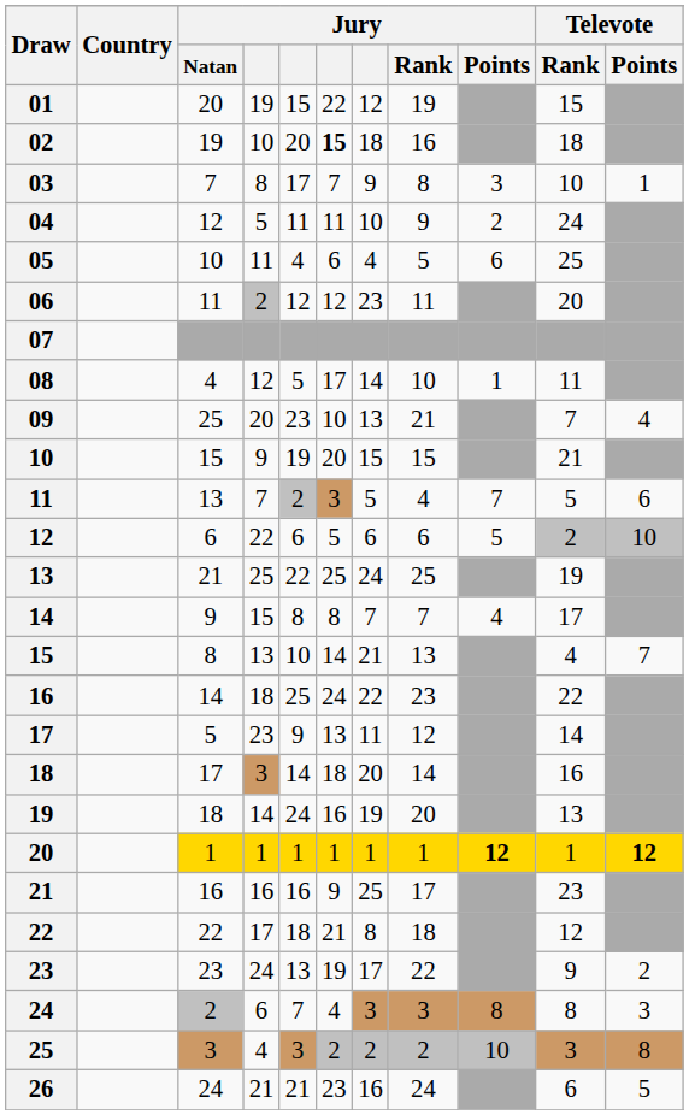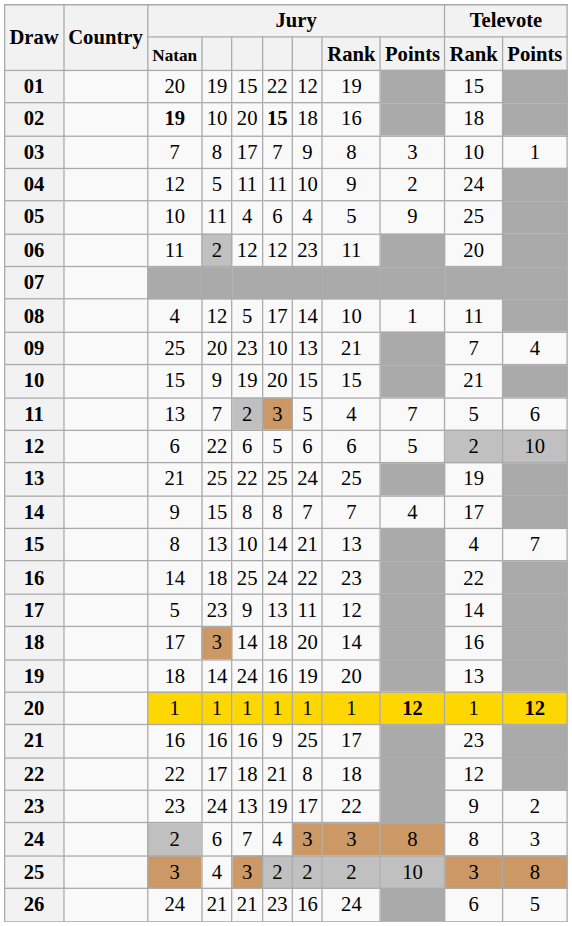 <table class="sortable wikitable collapsible plainrowheaders" style="text-align:center;">
 <tr>
 </tr>
 <tr>
 <th scope="col" rowspan="2">Draw</th>
 <th scope="col" rowspan="2">Country</th>
 <th scope="col" colspan="7">Jury</th>
 <th scope="col" colspan="2">Televote</th>
 </tr>
 <tr>
 <th scope="col"><small>Natan</small></th>
 <th scope="col"><small></small></th>
 <th scope="col"><small></small></th>
 <th scope="col"><small></small></th>
 <th scope="col"><small></small></th>
 <th scope="col">Rank</th>
 <th scope="col">Points</th>
 <th scope="col">Rank</th>
 <th scope="col">Points</th>
 </tr>
 <tr>
 <th scope="row" style="text-align:center;">01</th>
 <td style="text-align:left;"></td>
 <td>20</td>
 <td>19</td>
 <td>15</td>
 <td>22</td>
 <td>12</td>
 <td>19</td>
 <td style="background:#AAAAAA;"></td>
 <td>15</td>
 <td style="background:#AAAAAA;"></td>
 </tr>
 <tr>
 <th scope="row" style="text-align:center;">02</th>
 <td style="text-align:left;"></td>
-<td>19</td>
+<td><strong>19</strong></td>
 <td>10</td>
 <td>20</td>
 <td><strong>15</strong></td>
 <td>18</td>
 <td>16</td>
 <td style="background:#AAAAAA;"></td>
 <td>18</td>
 <td style="background:#AAAAAA;"></td>
 </tr>
 <tr>
 <th scope="row" style="text-align:center;">03</th>
 <td style="text-align:left;"></td>
 <td>7</td>
 <td>8</td>
 <td>17</td>
 <td>7</td>
 <td>9</td>
 <td>8</td>
 <td>3</td>
 <td>10</td>
 <td>1</td>
 </tr>
 <tr>
 <th scope="row" style="text-align:center;">04</th>
 <td style="text-align:left;"></td>
 <td>12</td>
 <td>5</td>
 <td>11</td>
 <td>11</td>
 <td>10</td>
 <td>9</td>
 <td>2</td>
 <td>24</td>
 <td style="background:#AAAAAA;"></td>
 </tr>
 <tr>
 <th scope="row" style="text-align:center;">05</th>
 <td style="text-align:left;"></td>
 <td>10</td>
 <td>11</td>
 <td>4</td>
 <td>6</td>
 <td>4</td>
 <td>5</td>
-<td>6</td>
+<td>9</td>
 <td>25</td>
 <td style="background:#AAAAAA;"></td>
 </tr>
 <tr>
 <th scope="row" style="text-align:center;">06</th>
 <td style="text-align:left;"></td>
 <td>11</td>
 <td style="background:silver;">2</td>
 <td>12</td>
 <td>12</td>
 <td>23</td>
 <td>11</td>
 <td style="background:#AAAAAA;"></td>
 <td>20</td>
 <td style="background:#AAAAAA;"></td>
 </tr>
 <tr class="sortbottom">
 <th scope="row" style="text-align:center;">07</th>
 <td style="text-align:left;"></td>
 <td style="background:#AAAAAA;"></td>
 <td style="background:#AAAAAA;"></td>
 <td style="background:#AAAAAA;"></td>
 <td style="background:#AAAAAA;"></td>
 <td style="background:#AAAAAA;"></td>
 <td style="background:#AAAAAA;"></td>
 <td style="background:#AAAAAA;"></td>
 <td style="background:#AAAAAA;"></td>
 <td style="background:#AAAAAA;"></td>
 </tr>
 <tr>
 <th scope="row" style="text-align:center;">08</th>
 <td style="text-align:left;"></td>
 <td>4</td>
 <td>12</td>
 <td>5</td>
 <td>17</td>
 <td>14</td>
 <td>10</td>
 <td>1</td>
 <td>11</td>
 <td style="background:#AAAAAA;"></td>
 </tr>
 <tr>
 <th scope="row" style="text-align:center;">09</th>
 <td style="text-align:left;"></td>
 <td>25</td>
 <td>20</td>
 <td>23</td>
 <td>10</td>
 <td>13</td>
 <td>21</td>
 <td style="background:#AAAAAA;"></td>
 <td>7</td>
 <td>4</td>
 </tr>
 <tr>
 <th scope="row" style="text-align:center;">10</th>
 <td style="text-align:left;"></td>
 <td>15</td>
 <td>9</td>
 <td>19</td>
 <td>20</td>
 <td>15</td>
 <td>15</td>
 <td style="background:#AAAAAA;"></td>
 <td>21</td>
 <td style="background:#AAAAAA;"></td>
 </tr>
 <tr>
 <th scope="row" style="text-align:center;">11</th>
 <td style="text-align:left;"></td>
 <td>13</td>
 <td>7</td>
 <td style="background:silver;">2</td>
 <td style="background:#CC9966;">3</td>
 <td>5</td>
 <td>4</td>
 <td>7</td>
 <td>5</td>
 <td>6</td>
 </tr>
 <tr>
 <th scope="row" style="text-align:center;">12</th>
 <td style="text-align:left;"></td>
 <td>6</td>
 <td>22</td>
 <td>6</td>
 <td>5</td>
 <td>6</td>
 <td>6</td>
 <td>5</td>
 <td style="background:silver;">2</td>
 <td style="background:silver;">10</td>
 </tr>
 <tr>
 <th scope="row" style="text-align:center;">13</th>
 <td style="text-align:left;"></td>
 <td>21</td>
 <td>25</td>
 <td>22</td>
 <td>25</td>
 <td>24</td>
 <td>25</td>
 <td style="background:#AAAAAA;"></td>
 <td>19</td>
 <td style="background:#AAAAAA;"></td>
 </tr>
 <tr>
 <th scope="row" style="text-align:center;">14</th>
 <td style="text-align:left;"></td>
 <td>9</td>
 <td>15</td>
 <td>8</td>
 <td>8</td>
 <td>7</td>
 <td>7</td>
 <td>4</td>
 <td>17</td>
 <td style="background:#AAAAAA;"></td>
 </tr>
 <tr>
 <th scope="row" style="text-align:center;">15</th>
 <td style="text-align:left;"></td>
 <td>8</td>
 <td>13</td>
 <td>10</td>
 <td>14</td>
 <td>21</td>
 <td>13</td>
 <td style="background:#AAAAAA;"></td>
 <td>4</td>
 <td>7</td>
 </tr>
 <tr>
 <th scope="row" style="text-align:center;">16</th>
 <td style="text-align:left;"></td>
 <td>14</td>
 <td>18</td>
 <td>25</td>
 <td>24</td>
 <td>22</td>
 <td>23</td>
 <td style="background:#AAAAAA;"></td>
 <td>22</td>
 <td style="background:#AAAAAA;"></td>
 </tr>
 <tr>
 <th scope="row" style="text-align:center;">17</th>
 <td style="text-align:left;"></td>
 <td>5</td>
 <td>23</td>
 <td>9</td>
 <td>13</td>
 <td>11</td>
 <td>12</td>
 <td style="background:#AAAAAA;"></td>
 <td>14</td>
 <td style="background:#AAAAAA;"></td>
 </tr>
 <tr>
 <th scope="row" style="text-align:center;">18</th>
 <td style="text-align:left;"></td>
 <td>17</td>
 <td style="background:#CC9966;">3</td>
 <td>14</td>
 <td>18</td>
 <td>20</td>
 <td>14</td>
 <td style="background:#AAAAAA;"></td>
 <td>16</td>
 <td style="background:#AAAAAA;"></td>
 </tr>
 <tr>
 <th scope="row" style="text-align:center;">19</th>
 <td style="text-align:left;"></td>
 <td>18</td>
 <td>14</td>
 <td>24</td>
 <td>16</td>
 <td>19</td>
 <td>20</td>
 <td style="background:#AAAAAA;"></td>
 <td>13</td>
 <td style="background:#AAAAAA;"></td>
 </tr>
 <tr>
 <th scope="row" style="text-align:center;">20</th>
 <td style="text-align:left;"></td>
 <td style="background:gold;">1</td>
 <td style="background:gold;">1</td>
 <td style="background:gold;">1</td>
 <td style="background:gold;">1</td>
 <td style="background:gold;">1</td>
 <td style="background:gold;">1</td>
 <td style="background:gold;"><strong>12</strong></td>
 <td style="background:gold;">1</td>
 <td style="background:gold;"><strong>12</strong></td>
 </tr>
 <tr>
 <th scope="row" style="text-align:center;">21</th>
 <td style="text-align:left;"></td>
 <td>16</td>
 <td>16</td>
 <td>16</td>
 <td>9</td>
 <td>25</td>
 <td>17</td>
 <td style="background:#AAAAAA;"></td>
 <td>23</td>
 <td style="background:#AAAAAA;"></td>
 </tr>
 <tr>
 <th scope="row" style="text-align:center;">22</th>
 <td style="text-align:left;"></td>
 <td>22</td>
 <td>17</td>
 <td>18</td>
 <td>21</td>
 <td>8</td>
 <td>18</td>
 <td style="background:#AAAAAA;"></td>
 <td>12</td>
 <td style="background:#AAAAAA;"></td>
 </tr>
 <tr>
 <th scope="row" style="text-align:center;">23</th>
 <td style="text-align:left;"></td>
 <td>23</td>
 <td>24</td>
 <td>13</td>
 <td>19</td>
 <td>17</td>
 <td>22</td>
 <td style="background:#AAAAAA;"></td>
 <td>9</td>
 <td>2</td>
 </tr>
 <tr>
 <th scope="row" style="text-align:center;">24</th>
 <td style="text-align:left;"></td>
 <td style="background:silver;">2</td>
 <td>6</td>
 <td>7</td>
 <td>4</td>
 <td style="background:#CC9966;">3</td>
 <td style="background:#CC9966;">3</td>
 <td style="background:#CC9966;">8</td>
 <td>8</td>
 <td>3</td>
 </tr>
 <tr>
 <th scope="row" style="text-align:center;">25</th>
 <td style="text-align:left;"></td>
 <td style="background:#CC9966;">3</td>
 <td>4</td>
 <td style="background:#CC9966;">3</td>
 <td style="background:silver;">2</td>
 <td style="background:silver;">2</td>
 <td style="background:silver;">2</td>
 <td style="background:silver;">10</td>
 <td style="background:#CC9966;">3</td>
 <td style="background:#CC9966;">8</td>
 </tr>
 <tr>
 <th scope="row" style="text-align:center;">26</th>
 <td style="text-align:left;"></td>
 <td>24</td>
 <td>21</td>
 <td>21</td>
 <td>23</td>
 <td>16</td>
 <td>24</td>
 <td style="background:#AAAAAA;"></td>
 <td>6</td>
 <td>5</td>
 </tr>
 </table>
